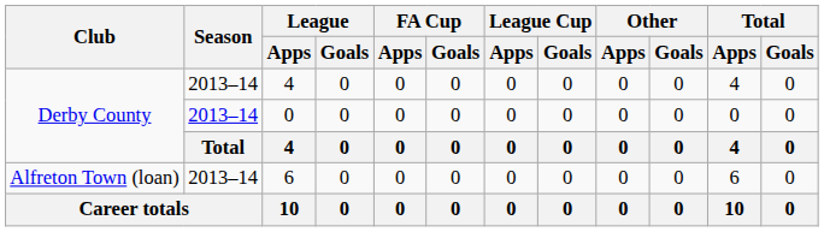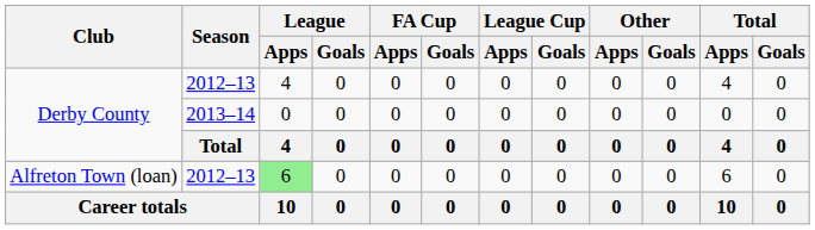 <table class="wikitable" style="text-align: center;">
 <tr>
 <th rowspan="2">Club</th>
 <th rowspan="2">Season</th>
 <th colspan="2">League</th>
 <th colspan="2">FA Cup</th>
 <th colspan="2">League Cup</th>
 <th colspan="2">Other</th>
 <th colspan="2">Total</th>
 </tr>
 <tr>
 <th>Apps</th>
 <th>Goals</th>
 <th>Apps</th>
 <th>Goals</th>
 <th>Apps</th>
 <th>Goals</th>
 <th>Apps</th>
 <th>Goals</th>
 <th>Apps</th>
 <th>Goals</th>
 </tr>
 <tr>
 <td rowspan="3" valign="center"><a href='#'>Derby County</a></td>
-<td>2013–14</td>
+<td><a href='#'>2012–13</a></td>
 <td>4</td>
 <td>0</td>
 <td>0</td>
 <td>0</td>
 <td>0</td>
 <td>0</td>
 <td>0</td>
 <td>0</td>
 <td>4</td>
 <td>0</td>
 </tr>
 <tr>
 <td><a href='#'>2013–14</a></td>
 <td>0</td>
 <td>0</td>
 <td>0</td>
 <td>0</td>
 <td>0</td>
 <td>0</td>
 <td>0</td>
 <td>0</td>
 <td>0</td>
 <td>0</td>
 </tr>
 <tr>
 <th>Total</th>
 <th>4</th>
 <th>0</th>
 <th>0</th>
 <th>0</th>
 <th>0</th>
 <th>0</th>
 <th>0</th>
 <th>0</th>
 <th>4</th>
 <th>0</th>
 </tr>
 <tr>
 <td><a href='#'>Alfreton Town</a> (loan)</td>
-<td>2013–14</td>
-<td>6</td>
+<td><a href='#'>2012–13</a></td>
+<td style="background: lightgreen;">6</td>
 <td>0</td>
 <td>0</td>
 <td>0</td>
 <td>0</td>
 <td>0</td>
 <td>0</td>
 <td>0</td>
 <td>6</td>
 <td>0</td>
 </tr>
 <tr>
 <th colspan="2">Career totals</th>
 <th>10</th>
 <th>0</th>
 <th>0</th>
 <th>0</th>
 <th>0</th>
 <th>0</th>
 <th>0</th>
 <th>0</th>
 <th>10</th>
 <th>0</th>
 </tr>
 </table>
